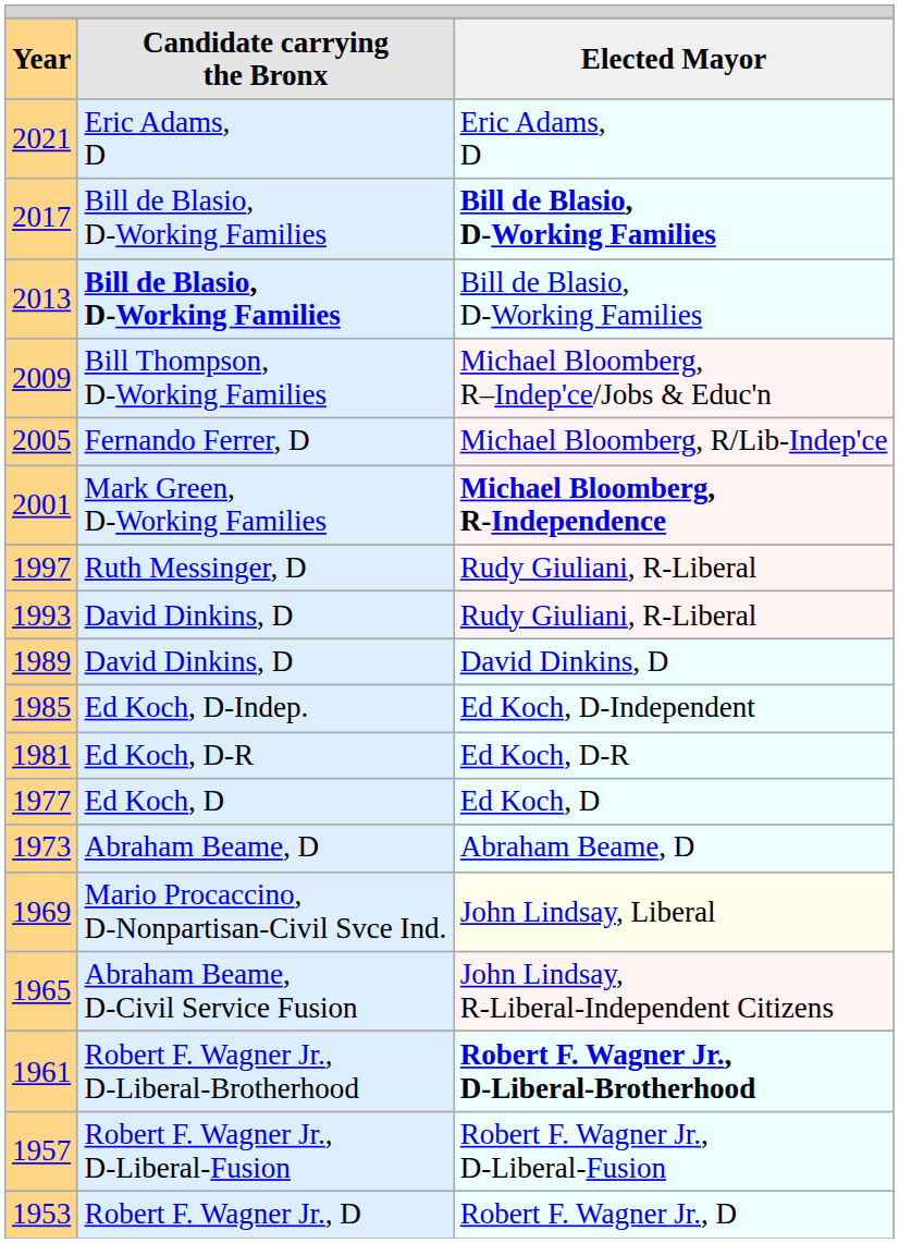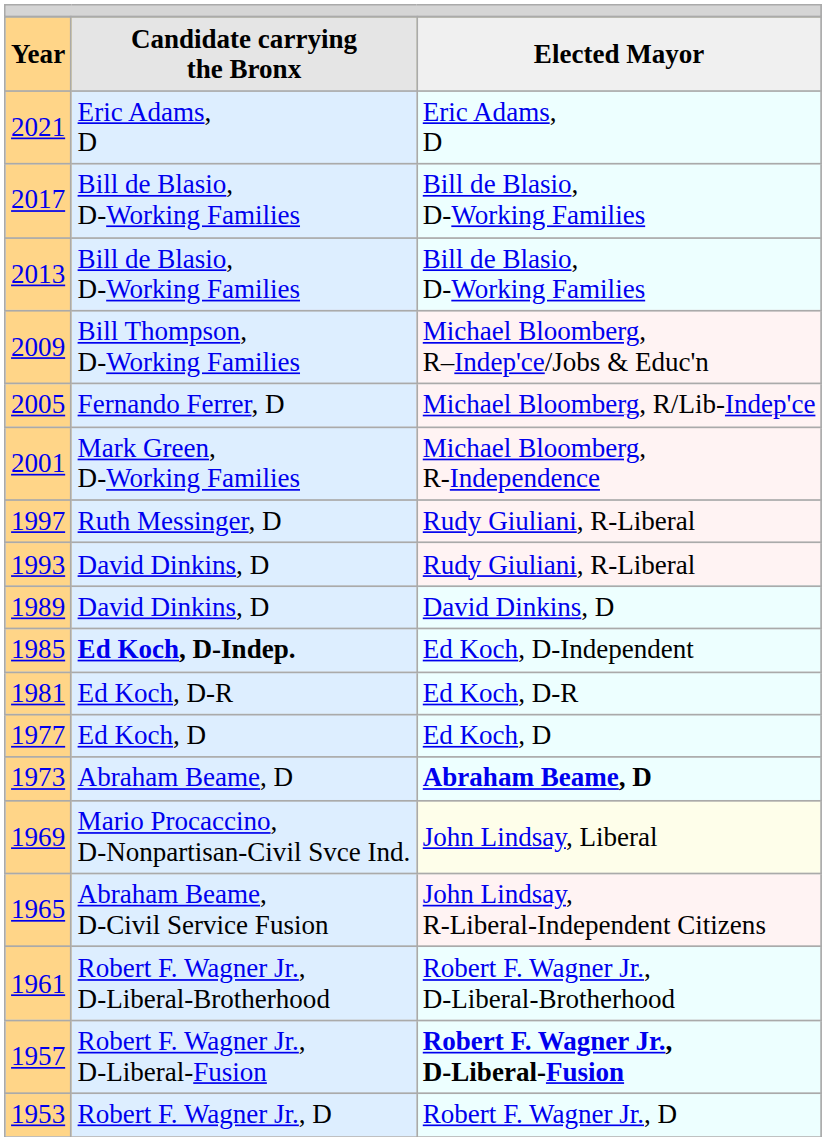 <table class="wikitable">
 <tr>
 <td colspan="8" style="background:#d5d5d5;"></td>
 </tr>
 <tr style="text-align:center;">
 </tr>
 <tr style="background:#ff7;">
 <th style="text-align:center; background:#ffd588;">Year</th>
 <th style="text-align:center; background:#e5e5e5;">Candidate carrying<br>the Bronx</th>
 <th style="text-align:center; background:#f0f0f0;">Elected Mayor</th>
 </tr>
 <tr>
 <td style="background:#ffd588;"><a href='#'>2021</a></td>
 <td style="background:#def;"><a href='#'>Eric Adams</a>,<br>D</td>
 <td style="background:#edffff;"><a href='#'>Eric Adams</a>,<br>D</td>
 </tr>
 <tr>
 <td style="background:#ffd588;"><a href='#'>2017</a></td>
 <td style="background:#def;"><a href='#'>Bill de Blasio</a>,<br>D-<a href='#'>Working Families</a></td>
-<td style="background:#edffff;"><strong><a href='#'>Bill de Blasio</a>,<br>D-<a href='#'>Working Families</a></strong></td>
+<td style="background:#edffff;"><a href='#'>Bill de Blasio</a>,<br>D-<a href='#'>Working Families</a></td>
 </tr>
 <tr>
 <td style="background:#ffd588;"><a href='#'>2013</a></td>
-<td style="background:#def;"><strong><a href='#'>Bill de Blasio</a>,<br>D-<a href='#'>Working Families</a></strong></td>
+<td style="background:#def;"><a href='#'>Bill de Blasio</a>,<br>D-<a href='#'>Working Families</a></td>
 <td style="background:#edffff;"><a href='#'>Bill de Blasio</a>,<br>D-<a href='#'>Working Families</a></td>
 </tr>
 <tr>
 <td style="background:#ffd588;"><a href='#'>2009</a></td>
 <td style="background:#def;"><a href='#'>Bill Thompson</a>,<br>D-<a href='#'>Working Families</a></td>
 <td style="background:#fff3f3;"><a href='#'>Michael Bloomberg</a>,<br>R–<a href='#'>Indep'ce</a>/Jobs & Educ'n</td>
 </tr>
 <tr>
 <td style="background:#ffd588;"><a href='#'>2005</a></td>
 <td style="background:#def;"><a href='#'>Fernando Ferrer</a>, D</td>
 <td style="background:#fff3f3;"><a href='#'>Michael Bloomberg</a>, R/Lib-<a href='#'>Indep'ce</a></td>
 </tr>
 <tr>
 <td style="background:#ffd588;"><a href='#'>2001</a></td>
 <td style="background:#def;"><a href='#'>Mark Green</a>,<br>D-<a href='#'>Working Families</a></td>
-<td style="background:#fff3f3;"><strong><a href='#'>Michael Bloomberg</a>,<br>R-<a href='#'>Independence</a></strong></td>
+<td style="background:#fff3f3;"><a href='#'>Michael Bloomberg</a>,<br>R-<a href='#'>Independence</a></td>
 </tr>
 <tr>
 <td style="background:#ffd588;"><a href='#'>1997</a></td>
 <td style="background:#def;"><a href='#'>Ruth Messinger</a>, D</td>
 <td style="background:#fff3f3;"><a href='#'>Rudy Giuliani</a>, R-Liberal</td>
 </tr>
 <tr>
 <td style="background:#ffd588;"><a href='#'>1993</a></td>
 <td style="background:#def;"><a href='#'>David Dinkins</a>, D</td>
 <td style="background:#fff3f3;"><a href='#'>Rudy Giuliani</a>, R-Liberal</td>
 </tr>
 <tr>
 <td style="background:#ffd588;"><a href='#'>1989</a></td>
 <td style="background:#def;"><a href='#'>David Dinkins</a>, D</td>
 <td style="background:#edffff;"><a href='#'>David Dinkins</a>, D</td>
 </tr>
 <tr>
 <td style="background:#ffd588;"><a href='#'>1985</a></td>
-<td style="background:#def;"><a href='#'>Ed Koch</a>, D-Indep.</td>
+<td style="background:#def;"><strong><a href='#'>Ed Koch</a>, D-Indep.</strong></td>
 <td style="background:#edffff;"><a href='#'>Ed Koch</a>, D-Independent</td>
 </tr>
 <tr>
 <td style="background:#ffd588;"><a href='#'>1981</a></td>
 <td style="background:#def;"><a href='#'>Ed Koch</a>, D-R</td>
 <td style="background:#edffff;"><a href='#'>Ed Koch</a>, D-R</td>
 </tr>
 <tr>
 <td style="background:#ffd588;"><a href='#'>1977</a></td>
 <td style="background:#def;"><a href='#'>Ed Koch</a>, D</td>
 <td style="background:#edffff;"><a href='#'>Ed Koch</a>, D</td>
 </tr>
 <tr>
 <td style="background:#ffd588;"><a href='#'>1973</a></td>
 <td style="background:#def;"><a href='#'>Abraham Beame</a>, D</td>
-<td style="background:#edffff;"><a href='#'>Abraham Beame</a>, D</td>
+<td style="background:#edffff;"><strong><a href='#'>Abraham Beame</a>, D</strong></td>
 </tr>
 <tr>
 <td style="background:#ffd588;"><a href='#'>1969</a></td>
 <td style="background:#def;"><a href='#'>Mario Procaccino</a>,<br>D-Nonpartisan-Civil Svce Ind.</td>
 <td style="background:#fefeea;"><a href='#'>John Lindsay</a>, Liberal</td>
 </tr>
 <tr>
 <td style="background:#ffd588;"><a href='#'>1965</a></td>
 <td style="background:#def;"><a href='#'>Abraham Beame</a>,<br>D-Civil Service Fusion</td>
 <td style="background:#fff3f3;"><a href='#'>John Lindsay</a>,<br>R-Liberal-Independent Citizens</td>
 </tr>
 <tr>
 <td style="background:#ffd588;"><a href='#'>1961</a></td>
 <td style="background:#def;"><a href='#'>Robert F. Wagner Jr.</a>,<br>D-Liberal-Brotherhood</td>
-<td style="background:#edffff;"><strong><a href='#'>Robert F. Wagner Jr.</a>,<br>D-Liberal-Brotherhood</strong></td>
+<td style="background:#edffff;"><a href='#'>Robert F. Wagner Jr.</a>,<br>D-Liberal-Brotherhood</td>
 </tr>
 <tr>
 <td style="background:#ffd588;"><a href='#'>1957</a></td>
 <td style="background:#def;"><a href='#'>Robert F. Wagner Jr.</a>,<br>D-Liberal-<a href='#'>Fusion</a></td>
-<td style="background:#edffff;"><a href='#'>Robert F. Wagner Jr.</a>,<br>D-Liberal-<a href='#'>Fusion</a></td>
+<td style="background:#edffff;"><strong><a href='#'>Robert F. Wagner Jr.</a>,<br>D-Liberal-<a href='#'>Fusion</a></strong></td>
 </tr>
 <tr>
 <td style="background:#ffd588;"><a href='#'>1953</a></td>
 <td style="background:#def;"><a href='#'>Robert F. Wagner Jr.</a>, D</td>
 <td style="background:#edffff;"><a href='#'>Robert F. Wagner Jr.</a>, D</td>
 </tr>
 </table>
